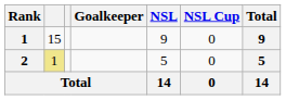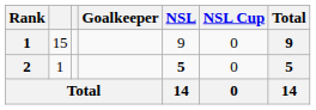 <table class="wikitable sortable" style="text-align:center">
 <tr>
 <th>Rank</th>
 <th></th>
 <th></th>
 <th>Goalkeeper</th>
 <th><a href='#'>NSL</a></th>
 <th><a href='#'>NSL Cup</a></th>
 <th>Total</th>
 </tr>
 <tr>
 <th>1</th>
 <td>15</td>
 <td></td>
 <td align="left"></td>
 <td>9</td>
 <td>0</td>
 <th>9</th>
 </tr>
 <tr>
 <th>2</th>
-<td style="background: khaki;">1</td>
+<td>1</td>
 <td></td>
 <td align="left"></td>
-<td>5</td>
+<td><strong>5</strong></td>
 <td>0</td>
 <th>5</th>
 </tr>
 <tr>
 <th colspan="4">Total</th>
 <th>14</th>
 <th>0</th>
 <th>14</th>
 </tr>
 </table>
